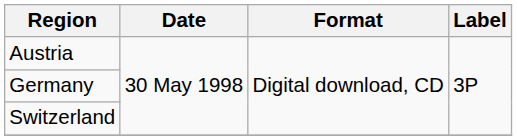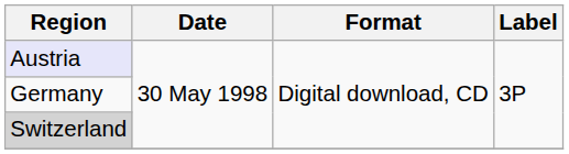 <table class="wikitable">
 <tr>
 <th scope="col">Region</th>
 <th scope="col">Date</th>
 <th scope="col">Format</th>
 <th scope="col">Label</th>
 </tr>
 <tr>
-<td>Austria</td>
+<td style="background: lavender;">Austria</td>
 <td rowspan="3">30 May 1998</td>
 <td rowspan="3">Digital download, CD</td>
 <td rowspan="3">3P</td>
 </tr>
 <tr>
 <td>Germany</td>
 </tr>
 <tr>
-<td>Switzerland</td>
+<td style="background: lightgrey;">Switzerland</td>
 </tr>
 <tr>
 </tr>
 </table>
